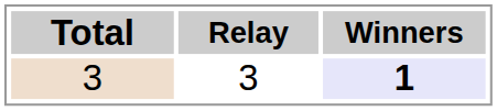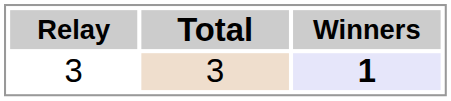 <table style="border: 1px solid #999; background-color:#FFFFFF; line-height:16px; text-align:center">
 <tr>
+<th style="background-color: #ccc;" width="60"><small>Relay</small></th>
 <th style="background-color: #ccc;" width="70">Total</th>
-<th style="background-color: #ccc;" width="60"><small>Relay</small></th>
 <th style="background-color: #ccc;" width="70"><small>Winners</small></th>
 </tr>
 <tr>
+<td>3</td>
 <td bgcolor=#EFDECD>3</td>
-<td>3</td>
 <td bgcolor="#E6E6FA"><strong>1</strong></td>
 </tr>
 </table>
